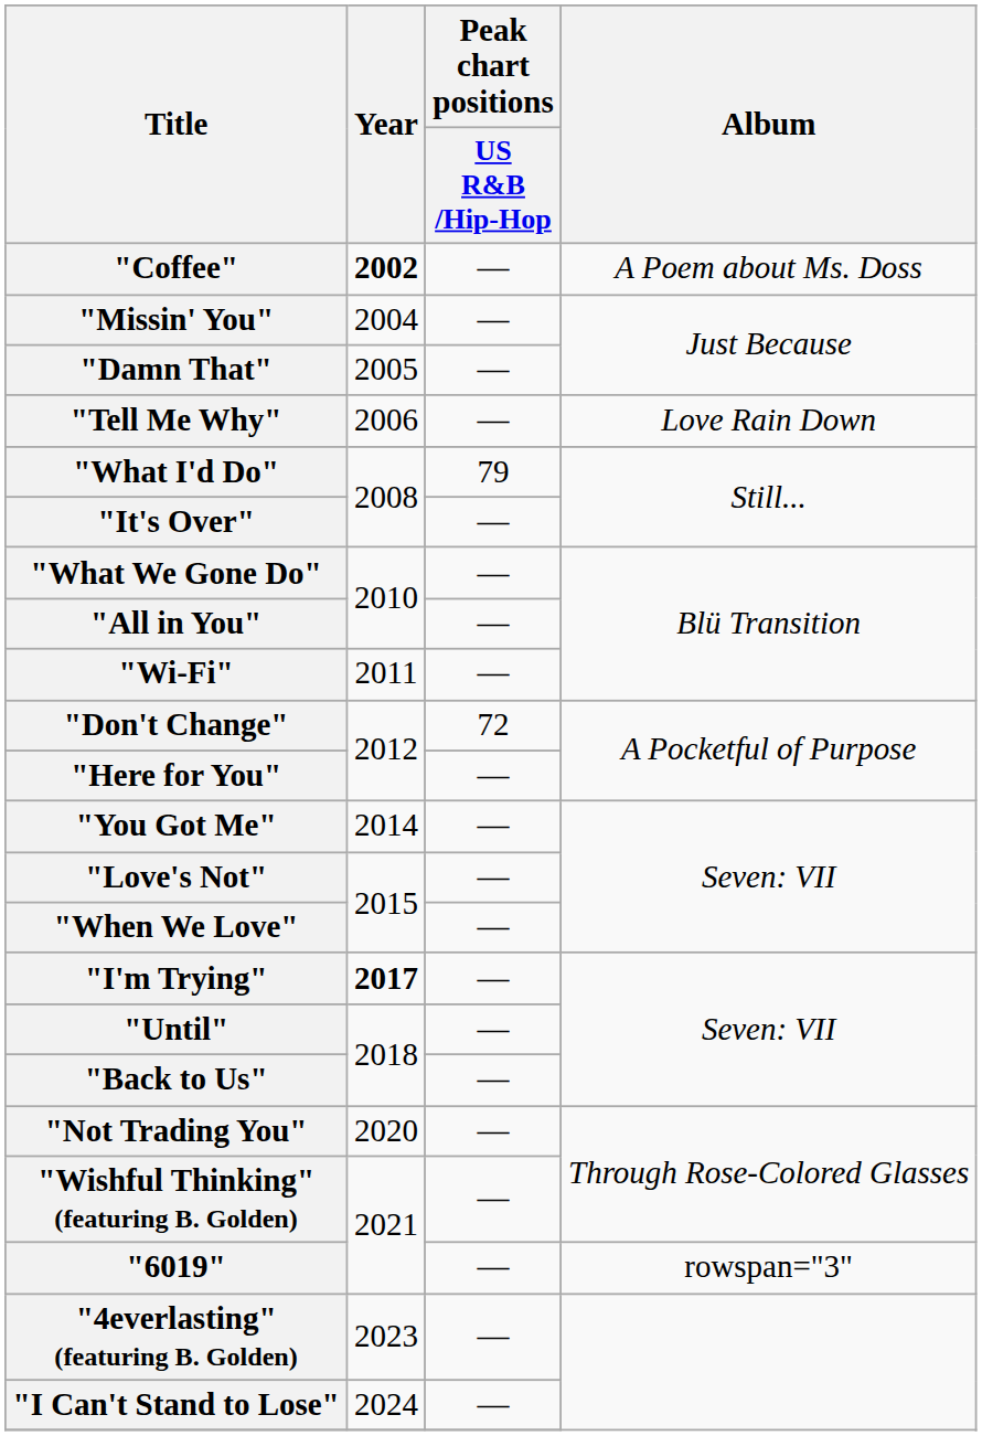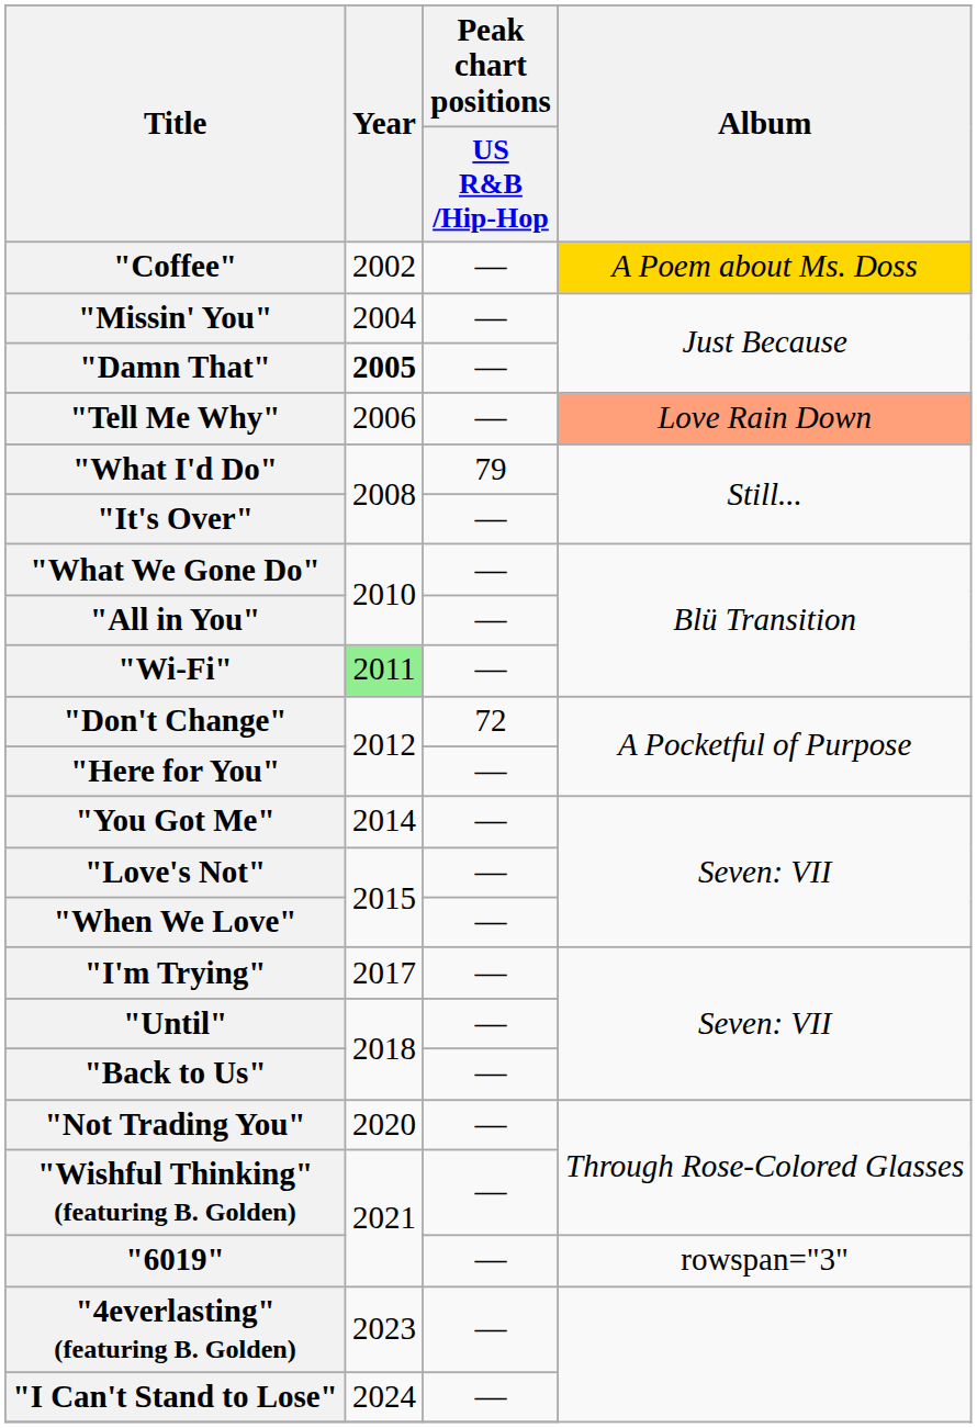 <table class="wikitable plainrowheaders" style="text-align:center;">
 <tr>
 <th scope="col" rowspan="2">Title</th>
 <th scope="col" rowspan="2">Year</th>
 <th scope="col" colspan="1">Peak chart positions</th>
 <th scope="col" rowspan="2">Album</th>
 </tr>
 <tr>
 <th scope="col" style="width:3em;font-size:90%;"><a href='#'>US<br>R&B<br>/Hip-Hop</a></th>
 </tr>
 <tr>
 <th scope="row">"Coffee"</th>
-<td><strong>2002</strong></td>
+<td>2002</td>
 <td>—</td>
-<td rowspan="1"><em>A Poem about Ms. Doss</em></td>
+<td rowspan="1" style="background: gold;"><em>A Poem about Ms. Doss</em></td>
 </tr>
 <tr>
 <th scope="row">"Missin' You"</th>
 <td>2004</td>
 <td>—</td>
 <td rowspan="2"><em>Just Because</em></td>
 </tr>
 <tr>
 <th scope="row">"Damn That"</th>
-<td>2005</td>
+<td><strong>2005</strong></td>
 <td>—</td>
 </tr>
 <tr>
 <th scope="row">"Tell Me Why"</th>
 <td>2006</td>
 <td>—</td>
-<td><em>Love Rain Down</em></td>
+<td style="background: lightsalmon;"><em>Love Rain Down</em></td>
 </tr>
 <tr>
 <th scope="row">"What I'd Do"</th>
 <td rowspan="2">2008</td>
 <td>79</td>
 <td rowspan="2"><em>Still...</em></td>
 </tr>
 <tr>
 <th scope="row">"It's Over"</th>
 <td>—</td>
 </tr>
 <tr>
 <th scope="row">"What We Gone Do"</th>
 <td rowspan="2">2010</td>
 <td>—</td>
 <td rowspan="3"><em>Blü Transition</em></td>
 </tr>
 <tr>
 <th scope="row">"All in You"</th>
 <td>—</td>
 </tr>
 <tr>
 <th scope="row">"Wi-Fi"</th>
-<td>2011</td>
+<td style="background: lightgreen;">2011</td>
 <td>—</td>
 </tr>
 <tr>
 <th scope="row">"Don't Change"</th>
 <td rowspan="2">2012</td>
 <td>72</td>
 <td rowspan="2"><em>A Pocketful of Purpose</em></td>
 </tr>
 <tr>
 <th scope="row">"Here for You"</th>
 <td>—</td>
 </tr>
 <tr>
 <th scope="row">"You Got Me"</th>
 <td>2014</td>
 <td>—</td>
 <td rowspan="3"><em>Seven: VII</em></td>
 </tr>
 <tr>
 <th scope="row">"Love's Not"</th>
 <td rowspan="2">2015</td>
 <td>—</td>
 </tr>
 <tr>
 <th scope="row">"When We Love"</th>
 <td>—</td>
 </tr>
 <tr>
 <th scope="row">"I'm Trying"</th>
-<td><strong>2017</strong></td>
+<td>2017</td>
 <td>—</td>
 <td rowspan="3"><em>Seven: VII</em></td>
 </tr>
 <tr>
 <th scope="row">"Until"</th>
 <td rowspan="2">2018</td>
 <td>—</td>
 </tr>
 <tr>
 <th scope="row">"Back to Us"</th>
 <td>—</td>
 </tr>
 <tr>
 <th scope="row">"Not Trading You"</th>
 <td>2020</td>
 <td>—</td>
 <td rowspan="2"><em>Through Rose-Colored Glasses</em></td>
 </tr>
 <tr>
 <th scope="row">"Wishful Thinking"<br><small>(featuring B. Golden)</small></th>
 <td rowspan="2">2021</td>
 <td>—</td>
 </tr>
 <tr>
 <th scope="row">"6019"</th>
 <td>—</td>
 <td>rowspan="3" </td>
 </tr>
 <tr>
 <th scope="row">"4everlasting"<br><small>(featuring B. Golden)</small></th>
 <td>2023</td>
 <td>—</td>
 </tr>
 <tr>
 <th scope="row">"I Can't Stand to Lose"</th>
 <td>2024</td>
 <td>—</td>
 </tr>
 <tr>
 </tr>
 </table>
